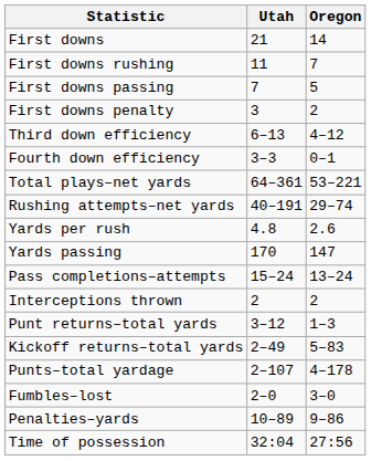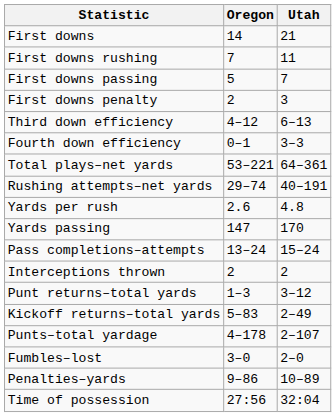 <table class="wikitable">
 <tr>
 <th>Statistic</th>
+<th><strong>Oregon</strong></th>
 <th><strong>Utah</strong></th>
-<th><strong>Oregon</strong></th>
 </tr>
 <tr>
 <td>First downs</td>
+<td>14</td>
 <td>21</td>
-<td>14</td>
 </tr>
 <tr>
 <td>First downs rushing</td>
+<td>7</td>
 <td>11</td>
+</tr>
+<tr>
+<td>First downs passing</td>
+<td>5</td>
 <td>7</td>
 </tr>
 <tr>
-<td>First downs passing</td>
-<td>7</td>
-<td>5</td>
-</tr>
-<tr>
 <td>First downs penalty</td>
+<td>2</td>
 <td>3</td>
-<td>2</td>
 </tr>
 <tr>
 <td>Third down efficiency</td>
+<td>4–12</td>
 <td>6–13</td>
-<td>4–12</td>
 </tr>
 <tr>
 <td>Fourth down efficiency</td>
+<td>0–1</td>
 <td>3–3</td>
-<td>0–1</td>
 </tr>
 <tr>
 <td>Total plays–net yards</td>
+<td>53–221</td>
 <td>64–361</td>
-<td>53–221</td>
 </tr>
 <tr>
 <td>Rushing attempts–net yards</td>
+<td>29–74</td>
 <td>40–191</td>
-<td>29–74</td>
 </tr>
 <tr>
 <td>Yards per rush</td>
+<td>2.6</td>
 <td>4.8</td>
-<td>2.6</td>
 </tr>
 <tr>
 <td>Yards passing</td>
+<td>147</td>
 <td>170</td>
-<td>147</td>
 </tr>
 <tr>
 <td>Pass completions–attempts</td>
+<td>13–24</td>
 <td>15–24</td>
-<td>13–24</td>
 </tr>
 <tr>
 <td>Interceptions thrown</td>
 <td>2</td>
 <td>2</td>
 </tr>
 <tr>
 <td>Punt returns–total yards</td>
+<td>1–3</td>
 <td>3–12</td>
-<td>1–3</td>
 </tr>
 <tr>
 <td>Kickoff returns–total yards</td>
+<td>5–83</td>
 <td>2–49</td>
-<td>5–83</td>
 </tr>
 <tr>
 <td>Punts–total yardage</td>
+<td>4–178</td>
 <td>2–107</td>
-<td>4–178</td>
 </tr>
 <tr>
 <td>Fumbles–lost</td>
+<td>3–0</td>
 <td>2–0</td>
-<td>3–0</td>
 </tr>
 <tr>
 <td>Penalties–yards</td>
+<td>9–86</td>
 <td>10–89</td>
-<td>9–86</td>
 </tr>
 <tr>
 <td>Time of possession</td>
+<td>27:56</td>
 <td>32:04</td>
-<td>27:56</td>
 </tr>
 </table>
